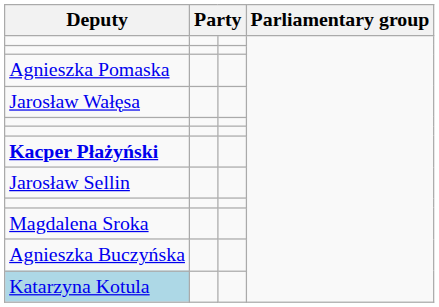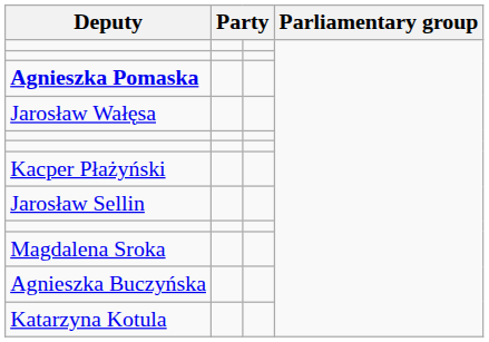 <table class="wikitable">
 <tr>
 <th>Deputy</th>
 <th colspan="2">Party</th>
 <th colspan="2">Parliamentary group</th>
 </tr>
 <tr>
 <td></td>
 <td></td>
 <td></td>
 </tr>
 <tr>
 <td></td>
 <td></td>
 <td></td>
 </tr>
 <tr>
-<td><a href='#'>Agnieszka Pomaska</a></td>
+<td><strong><a href='#'>Agnieszka Pomaska</a></strong></td>
 <td></td>
 <td></td>
 </tr>
 <tr>
 <td><a href='#'>Jarosław Wałęsa</a></td>
 <td></td>
 <td></td>
 </tr>
 <tr>
 <td></td>
 <td></td>
 <td></td>
 </tr>
 <tr>
 <td></td>
 <td></td>
 <td></td>
 </tr>
 <tr>
-<td><strong><a href='#'>Kacper Płażyński</a></strong></td>
+<td><a href='#'>Kacper Płażyński</a></td>
 <td></td>
 <td></td>
 </tr>
 <tr>
 <td><a href='#'>Jarosław Sellin</a></td>
 <td></td>
 <td></td>
 </tr>
 <tr>
 <td></td>
 <td></td>
 <td></td>
 </tr>
 <tr>
 <td><a href='#'>Magdalena Sroka</a></td>
 <td></td>
 <td></td>
 </tr>
 <tr>
 <td><a href='#'>Agnieszka Buczyńska</a></td>
 <td></td>
 <td></td>
 </tr>
 <tr>
-<td style="background: lightblue;"><a href='#'>Katarzyna Kotula</a></td>
+<td><a href='#'>Katarzyna Kotula</a></td>
 <td></td>
 <td></td>
 </tr>
 </table>
